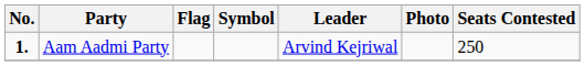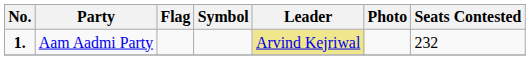 <table class="wikitable" "width="50%">
 <tr>
 <th>No.</th>
 <th>Party</th>
 <th>Flag</th>
 <th>Symbol</th>
 <th>Leader</th>
 <th>Photo</th>
 <th>Seats Contested</th>
 </tr>
 <tr>
 <td ! style="text-align:center; background:"><strong>1.</strong></td>
 <td><a href='#'>Aam Aadmi Party</a></td>
 <td></td>
 <td></td>
-<td><a href='#'>Arvind Kejriwal</a></td>
+<td style="background: khaki;"><a href='#'>Arvind Kejriwal</a></td>
 <td></td>
-<td>250</td>
+<td>232</td>
 </tr>
 <tr>
 </tr>
 </table>
